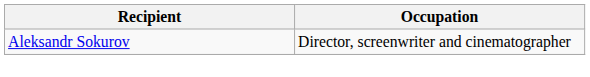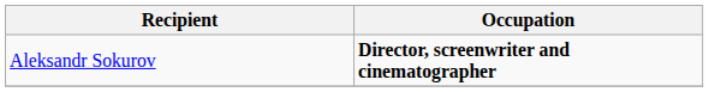 <table class="wikitable" width="95%" cellpadding="5">
 <tr>
 <th width="25%">Recipient</th>
 <th width="25%">Occupation</th>
 </tr>
 <tr>
 <td> <a href='#'>Aleksandr Sokurov</a></td>
-<td>Director, screenwriter and cinematographer</td>
+<td><strong>Director, screenwriter and cinematographer</strong></td>
 </tr>
 <tr>
 </tr>
 </table>
